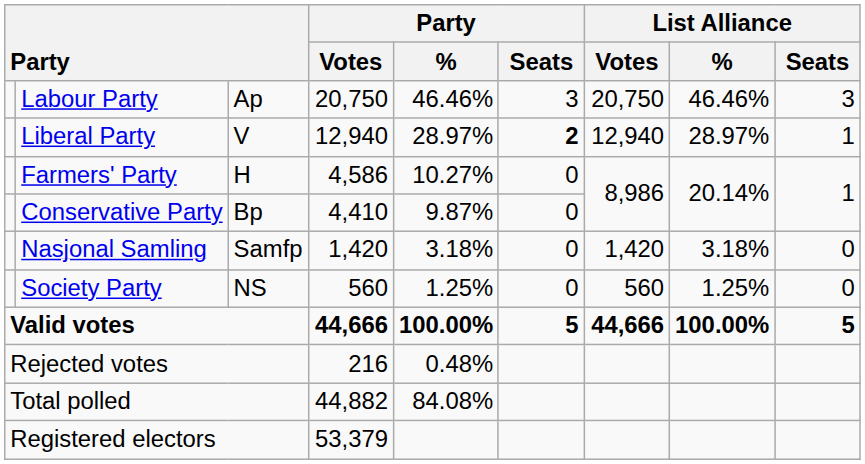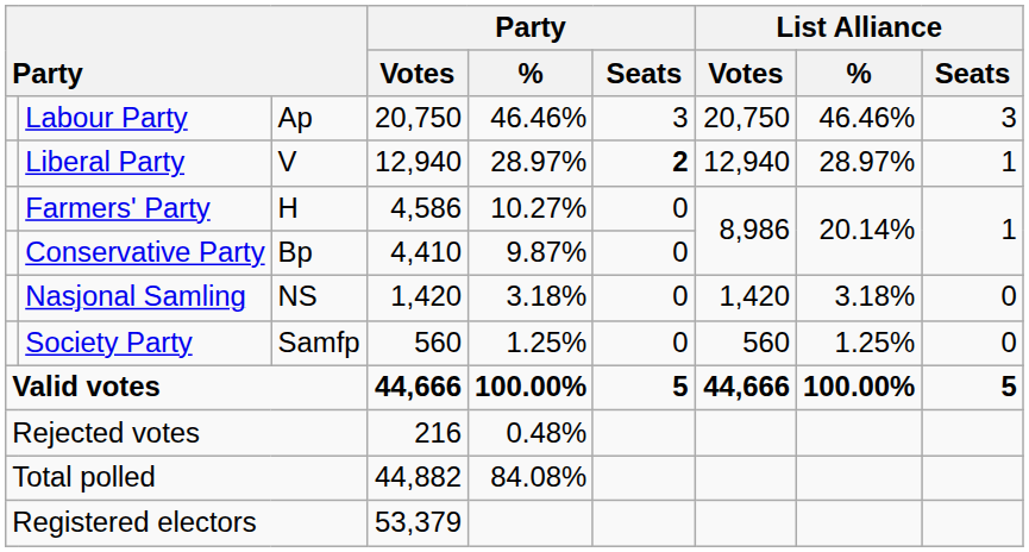 <table class="wikitable" border="1" style="text-align:right;">
 <tr>
 <th style="text-align:left;" valign=bottom rowspan=2 colspan=3>Party</th>
 <th colspan=3>Party</th>
 <th colspan=3>List Alliance</th>
 </tr>
 <tr>
 <th align=center valign=bottom width="50">Votes</th>
 <th align=center valign=bottom width="50">%</th>
 <th align=center valign=bottom width="50">Seats</th>
 <th align=center valign=bottom width="50">Votes</th>
 <th align=center valign=bottom width="50">%</th>
 <th align=center valign=bottom width="50">Seats</th>
 </tr>
 <tr>
 <td style="color:inherit;background:"></td>
 <td align=left><a href='#'>Labour Party</a></td>
 <td align=left>Ap</td>
 <td>20,750</td>
 <td>46.46%</td>
 <td>3</td>
 <td>20,750</td>
 <td>46.46%</td>
 <td>3</td>
 </tr>
 <tr>
 <td style="color:inherit;background:"></td>
 <td align=left><a href='#'>Liberal Party</a></td>
 <td align=left>V</td>
 <td>12,940</td>
 <td>28.97%</td>
 <td><strong>2</strong></td>
 <td>12,940</td>
 <td>28.97%</td>
 <td>1</td>
 </tr>
 <tr>
 <td style="color:inherit;background:"></td>
 <td align=left><a href='#'>Farmers' Party</a></td>
 <td align=left>H</td>
 <td>4,586</td>
 <td>10.27%</td>
 <td>0</td>
 <td rowspan=2>8,986</td>
 <td rowspan=2>20.14%</td>
 <td rowspan=2>1</td>
 </tr>
 <tr>
 <td style="color:inherit;background:"></td>
 <td align=left><a href='#'>Conservative Party</a></td>
 <td align=left>Bp</td>
 <td>4,410</td>
 <td>9.87%</td>
 <td>0</td>
 </tr>
 <tr>
 <td style="color:inherit;background:"></td>
 <td align=left><a href='#'>Nasjonal Samling</a></td>
-<td align=left>Samfp</td>
+<td align=left>NS</td>
 <td>1,420</td>
 <td>3.18%</td>
 <td>0</td>
 <td>1,420</td>
 <td>3.18%</td>
 <td>0</td>
 </tr>
 <tr>
 <td></td>
 <td align=left><a href='#'>Society Party</a></td>
-<td align=left>NS</td>
+<td align=left>Samfp</td>
 <td>560</td>
 <td>1.25%</td>
 <td>0</td>
 <td>560</td>
 <td>1.25%</td>
 <td>0</td>
 </tr>
 <tr style="font-weight:bold">
 <td align=left colspan=3>Valid votes</td>
 <td>44,666</td>
 <td>100.00%</td>
 <td>5</td>
 <td>44,666</td>
 <td>100.00%</td>
 <td>5</td>
 </tr>
 <tr>
 <td align=left colspan=3>Rejected votes</td>
 <td>216</td>
 <td>0.48%</td>
 <td></td>
 <td></td>
 <td></td>
 <td></td>
 </tr>
 <tr>
 <td align=left colspan=3>Total polled</td>
 <td>44,882</td>
 <td>84.08%</td>
 <td></td>
 <td></td>
 <td></td>
 <td></td>
 </tr>
 <tr>
 <td align=left colspan=3>Registered electors</td>
 <td>53,379</td>
 <td></td>
 <td></td>
 <td></td>
 <td></td>
 <td></td>
 </tr>
 </table>
